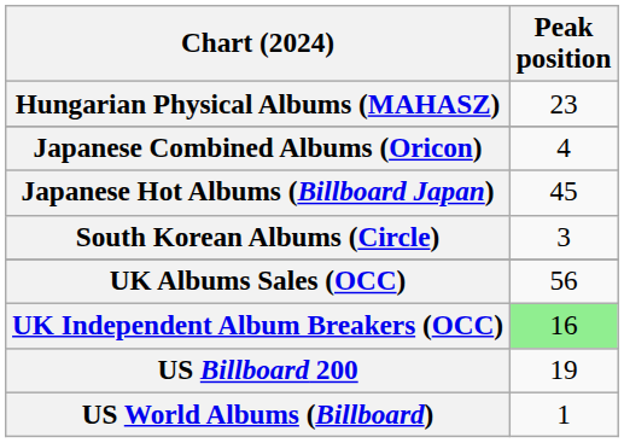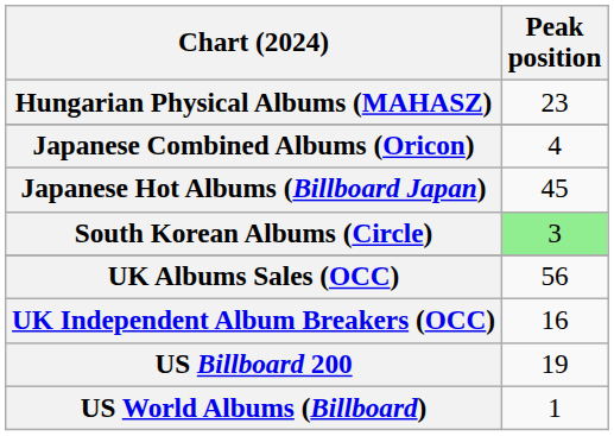 <table class="wikitable sortable plainrowheaders" style="text-align:center">
 <tr>
 <th scope="col">Chart (2024)</th>
 <th scope="col">Peak<br>position</th>
 </tr>
 <tr>
 <th scope="row">Hungarian Physical Albums (<a href='#'>MAHASZ</a>)</th>
 <td>23</td>
 </tr>
 <tr>
 </tr>
 <tr>
 <th scope="row">Japanese Combined Albums (<a href='#'>Oricon</a>)</th>
 <td>4</td>
 </tr>
 <tr>
 <th scope="row">Japanese Hot Albums (<em><a href='#'>Billboard Japan</a></em>)</th>
 <td>45</td>
 </tr>
 <tr>
 <th scope="row">South Korean Albums (<a href='#'>Circle</a>)</th>
-<td>3</td>
+<td style="background: lightgreen;">3</td>
 </tr>
 <tr>
 </tr>
 <tr>
 <th scope="row">UK Albums Sales (<a href='#'>OCC</a>)</th>
 <td>56</td>
 </tr>
 <tr>
 <th scope="row"><a href='#'>UK Independent Album Breakers</a> (<a href='#'>OCC</a>)</th>
-<td style="background: lightgreen;">16</td>
+<td>16</td>
 </tr>
 <tr>
 <th scope="row">US <a href='#'><em>Billboard</em> 200</a></th>
 <td>19</td>
 </tr>
 <tr>
 <th scope="row">US <a href='#'>World Albums</a> (<em><a href='#'>Billboard</a></em>)</th>
 <td>1</td>
 </tr>
 </table>
